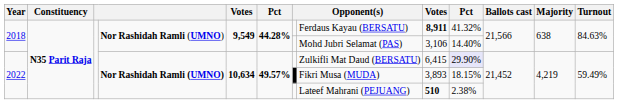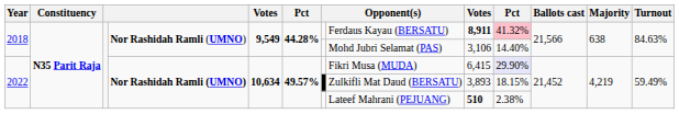 <table class="wikitable" style="margin:0.5em ; font-size:95%">
 <tr>
 <th>Year</th>
 <th>Constituency</th>
 <th colspan=2></th>
 <th>Votes</th>
 <th>Pct</th>
 <th colspan=2>Opponent(s)</th>
 <th>Votes</th>
 <th>Pct</th>
 <th>Ballots cast</th>
 <th>Majority</th>
 <th>Turnout</th>
 </tr>
 <tr>
 <td rowspan="2"><a href='#'>2018</a></td>
 <td rowspan="5"><strong>N35 <a href='#'>Parit Raja</a></strong></td>
 <td rowspan="5" ></td>
 <td rowspan="2"><strong>Nor Rashidah Ramli</strong> (<a href='#'><strong>UMNO</strong></a>)</td>
 <td rowspan="2" align="right"><strong>9,549</strong></td>
 <td rowspan="2"><strong>44.28%</strong></td>
 <td></td>
 <td>Ferdaus Kayau (<a href='#'>BERSATU</a>)</td>
 <td align="right"><strong>8,911</strong></td>
-<td>41.32%</td>
+<td style="background: pink;">41.32%</td>
 <td rowspan="2">21,566</td>
 <td rowspan="2">638</td>
 <td rowspan="2">84.63%</td>
 </tr>
 <tr>
 <td></td>
 <td>Mohd Jubri Selamat (<a href='#'>PAS</a>)</td>
 <td align="right">3,106</td>
 <td>14.40%</td>
 </tr>
 <tr>
 <td rowspan="3"><a href='#'>2022</a></td>
 <td rowspan="3"><strong>Nor Rashidah Ramli (<a href='#'>UMNO</a>)</strong></td>
 <td rowspan="3"><strong>10,634</strong></td>
 <td rowspan="3"><strong>49.57%</strong></td>
 <td></td>
-<td>Zulkifli Mat Daud (<a href='#'>BERSATU</a>)</td>
+<td>Fikri Musa (<a href='#'>MUDA</a>)</td>
 <td>6,415</td>
 <td style="background: lavender;">29.90%</td>
 <td rowspan="3">21,452</td>
 <td rowspan="3">4,219</td>
 <td rowspan="3">59.49%</td>
 </tr>
 <tr>
 <td bgcolor="black"></td>
-<td>Fikri Musa (<a href='#'>MUDA</a>)</td>
+<td>Zulkifli Mat Daud (<a href='#'>BERSATU</a>)</td>
 <td>3,893</td>
 <td>18.15%</td>
 </tr>
 <tr>
 <td></td>
 <td>Lateef Mahrani (<a href='#'>PEJUANG</a>)</td>
 <td><strong>510</strong></td>
 <td>2.38%</td>
 </tr>
 </table>
